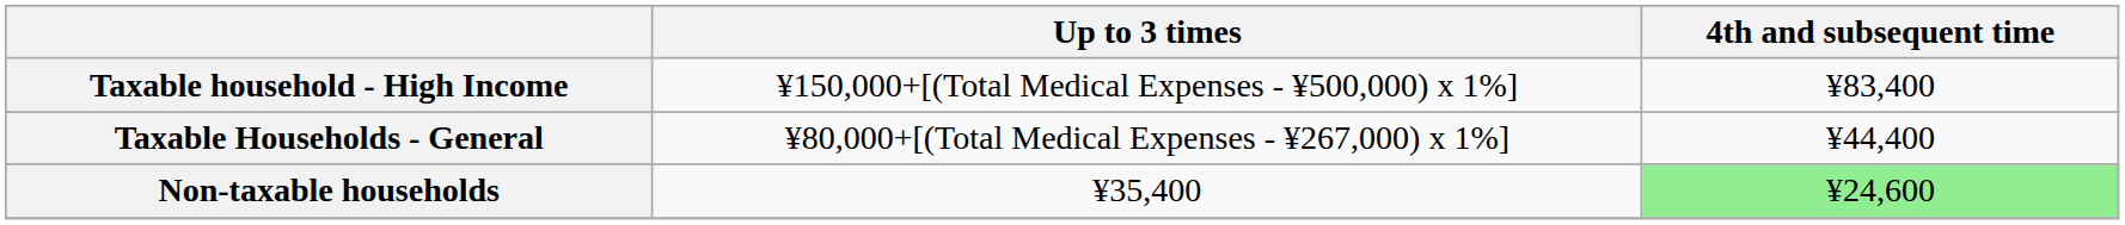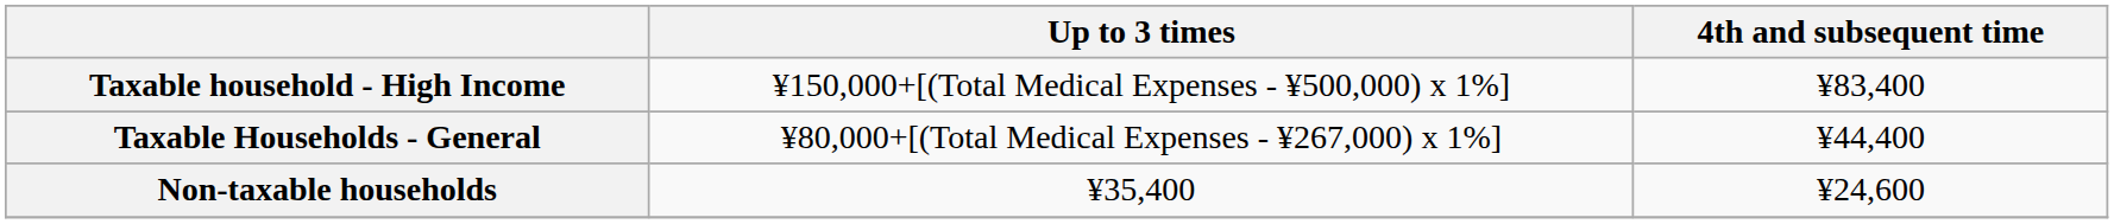 <table class="wikitable" style="text-align:center; width:80%;">
 <tr>
 <th scope="col"></th>
 <th scope="col">Up to 3 times</th>
 <th scope="col">4th and subsequent time</th>
 </tr>
 <tr>
 <th scope="row">Taxable household - High Income</th>
 <td>¥150,000+[(Total Medical Expenses - ¥500,000) x 1%]</td>
 <td>¥83,400</td>
 </tr>
 <tr>
 <th scope="row">Taxable Households - General</th>
 <td>¥80,000+[(Total Medical Expenses - ¥267,000) x 1%]</td>
 <td>¥44,400</td>
 </tr>
 <tr>
 <th scope="row">Non-taxable households</th>
 <td>¥35,400</td>
-<td style="background: lightgreen;">¥24,600</td>
+<td>¥24,600</td>
 </tr>
 <tr>
 </tr>
 </table>
